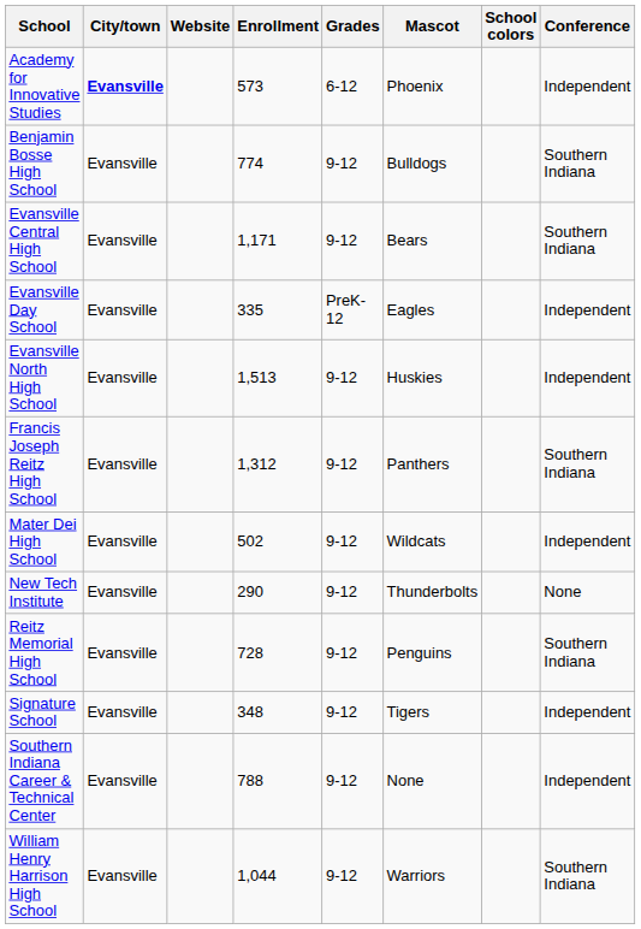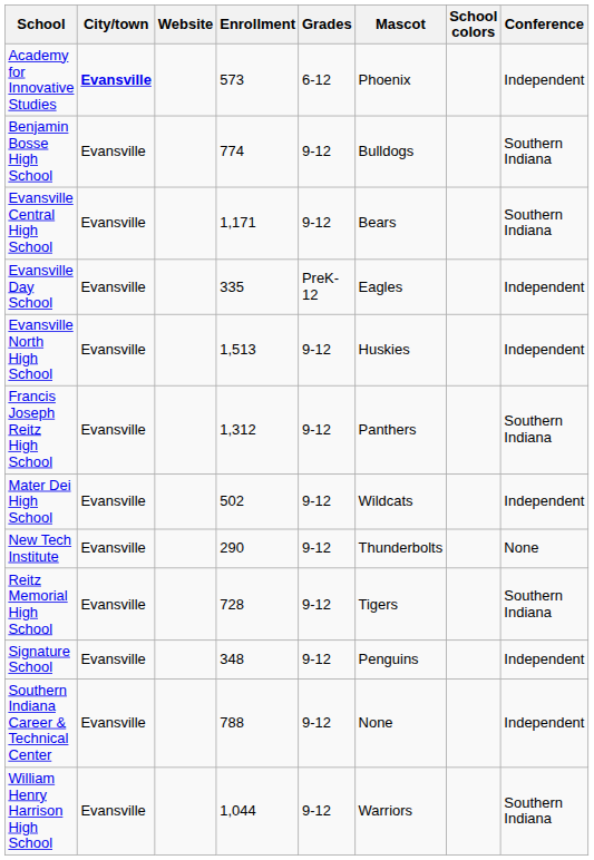 <table class="wikitable sortable" width="70%">
 <tr>
 <th width="20%">School</th>
 <th width="08%">City/town</th>
 <th width="06%">Website</th>
 <th width="04%">Enrollment</th>
 <th width="04%">Grades</th>
 <th width="04%">Mascot</th>
 <th width=01%>School colors</th>
 <th width="04%">Conference</th>
 </tr>
 <tr>
 <td><a href='#'>Academy for Innovative Studies</a></td>
 <td><strong><a href='#'>Evansville</a></strong></td>
 <td></td>
 <td>573</td>
 <td>6-12</td>
 <td>Phoenix</td>
 <td>  </td>
 <td>Independent</td>
 </tr>
 <tr>
 <td><a href='#'>Benjamin Bosse High School</a></td>
 <td>Evansville</td>
 <td></td>
 <td>774</td>
 <td>9-12</td>
 <td>Bulldogs</td>
 <td>  </td>
 <td>Southern Indiana</td>
 </tr>
 <tr>
 <td><a href='#'>Evansville Central High School</a></td>
 <td>Evansville</td>
 <td></td>
 <td>1,171</td>
 <td>9-12</td>
 <td>Bears</td>
 <td>  </td>
 <td>Southern Indiana</td>
 </tr>
 <tr>
 <td><a href='#'>Evansville Day School</a></td>
 <td>Evansville</td>
 <td></td>
 <td>335</td>
 <td>PreK-12</td>
 <td>Eagles</td>
 <td> </td>
 <td>Independent</td>
 </tr>
 <tr>
 <td><a href='#'>Evansville North High School</a></td>
 <td>Evansville</td>
 <td></td>
 <td>1,513</td>
 <td>9-12</td>
 <td>Huskies</td>
 <td>  </td>
 <td>Independent</td>
 </tr>
 <tr>
 <td><a href='#'>Francis Joseph Reitz High School</a></td>
 <td>Evansville</td>
 <td></td>
 <td>1,312</td>
 <td>9-12</td>
 <td>Panthers</td>
 <td> </td>
 <td>Southern Indiana</td>
 </tr>
 <tr>
 <td><a href='#'>Mater Dei High School</a></td>
 <td>Evansville</td>
 <td></td>
 <td>502</td>
 <td>9-12</td>
 <td>Wildcats</td>
 <td> </td>
 <td>Independent</td>
 </tr>
 <tr>
 <td><a href='#'>New Tech Institute</a></td>
 <td>Evansville</td>
 <td></td>
 <td>290</td>
 <td>9-12</td>
 <td>Thunderbolts</td>
 <td> </td>
 <td>None</td>
 </tr>
 <tr>
 <td><a href='#'>Reitz Memorial High School</a></td>
 <td>Evansville</td>
 <td></td>
 <td>728</td>
 <td>9-12</td>
-<td>Penguins</td>
+<td>Tigers</td>
 <td> </td>
 <td>Southern Indiana</td>
 </tr>
 <tr>
 <td><a href='#'>Signature School</a></td>
 <td>Evansville</td>
 <td></td>
 <td>348</td>
 <td>9-12</td>
-<td>Tigers</td>
+<td>Penguins</td>
 <td>  </td>
 <td>Independent</td>
 </tr>
 <tr>
 <td><a href='#'>Southern Indiana Career & Technical Center</a></td>
 <td>Evansville</td>
 <td></td>
 <td>788</td>
 <td>9-12</td>
 <td>None</td>
 <td></td>
 <td>Independent</td>
 </tr>
 <tr>
 <td><a href='#'>William Henry Harrison High School</a></td>
 <td>Evansville</td>
 <td></td>
 <td>1,044</td>
 <td>9-12</td>
 <td>Warriors</td>
 <td>  </td>
 <td>Southern Indiana</td>
 </tr>
 </table>
